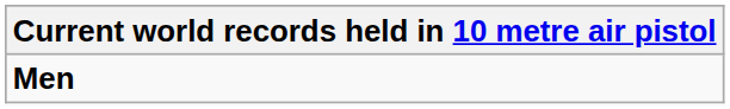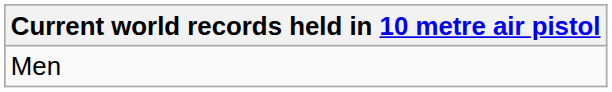 <table class="wikitable" style="font-size: 95%">
 <tr>
 <th colspan=7>Current world records held in <a href='#'>10 metre air pistol</a></th>
 </tr>
 <tr>
-<td rowspan=1><strong>Men<br></strong></td>
+<td rowspan=1>Men<br></td>
 </tr>
 </table>
